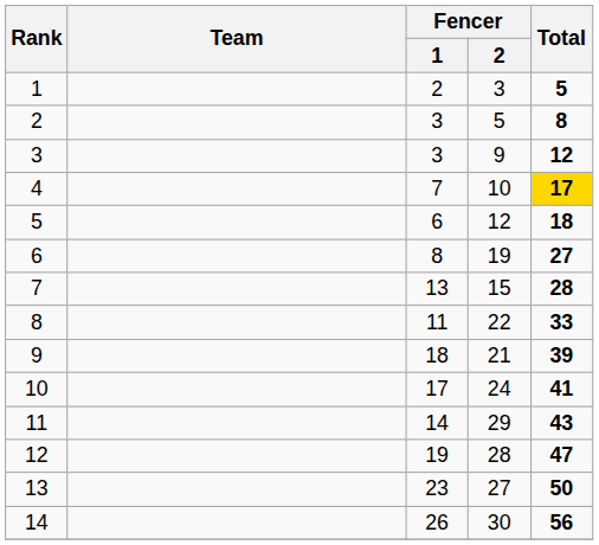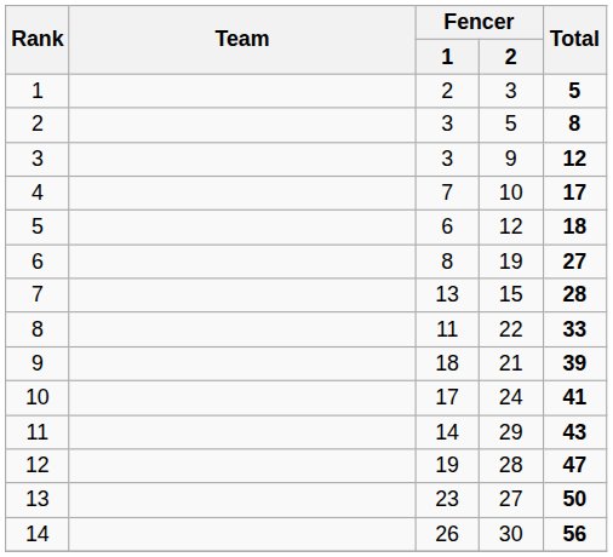 <table class=wikitable style="text-align:center">
 <tr>
 <th rowspan=2 width=40>Rank</th>
 <th rowspan=2 width=250>Team</th>
 <th colspan=2>Fencer</th>
 <th rowspan=2 width=40>Total</th>
 </tr>
 <tr>
 <th width=40>1</th>
 <th width=40>2</th>
 </tr>
 <tr>
 <td>1</td>
 <td align=left></td>
 <td>2</td>
 <td>3</td>
 <td><strong>5</strong></td>
 </tr>
 <tr>
 <td>2</td>
 <td align=left></td>
 <td>3</td>
 <td>5</td>
 <td><strong>8</strong></td>
 </tr>
 <tr>
 <td>3</td>
 <td align=left></td>
 <td>3</td>
 <td>9</td>
 <td><strong>12</strong></td>
 </tr>
 <tr>
 <td>4</td>
 <td align=left></td>
 <td>7</td>
 <td>10</td>
-<td style="background: gold;"><strong>17</strong></td>
+<td><strong>17</strong></td>
 </tr>
 <tr>
 <td>5</td>
 <td align=left></td>
 <td>6</td>
 <td>12</td>
 <td><strong>18</strong></td>
 </tr>
 <tr>
 <td>6</td>
 <td align=left></td>
 <td>8</td>
 <td>19</td>
 <td><strong>27</strong></td>
 </tr>
 <tr>
 <td>7</td>
 <td align=left></td>
 <td>13</td>
 <td>15</td>
 <td><strong>28</strong></td>
 </tr>
 <tr>
 <td>8</td>
 <td align=left></td>
 <td>11</td>
 <td>22</td>
 <td><strong>33</strong></td>
 </tr>
 <tr>
 <td>9</td>
 <td align=left></td>
 <td>18</td>
 <td>21</td>
 <td><strong>39</strong></td>
 </tr>
 <tr>
 <td>10</td>
 <td align=left></td>
 <td>17</td>
 <td>24</td>
 <td><strong>41</strong></td>
 </tr>
 <tr>
 <td>11</td>
 <td align=left></td>
 <td>14</td>
 <td>29</td>
 <td><strong>43</strong></td>
 </tr>
 <tr>
 <td>12</td>
 <td align=left></td>
 <td>19</td>
 <td>28</td>
 <td><strong>47</strong></td>
 </tr>
 <tr>
 <td>13</td>
 <td align=left></td>
 <td>23</td>
 <td>27</td>
 <td><strong>50</strong></td>
 </tr>
 <tr>
 <td>14</td>
 <td align=left></td>
 <td>26</td>
 <td>30</td>
 <td><strong>56</strong></td>
 </tr>
 <tr>
 </tr>
 </table>
